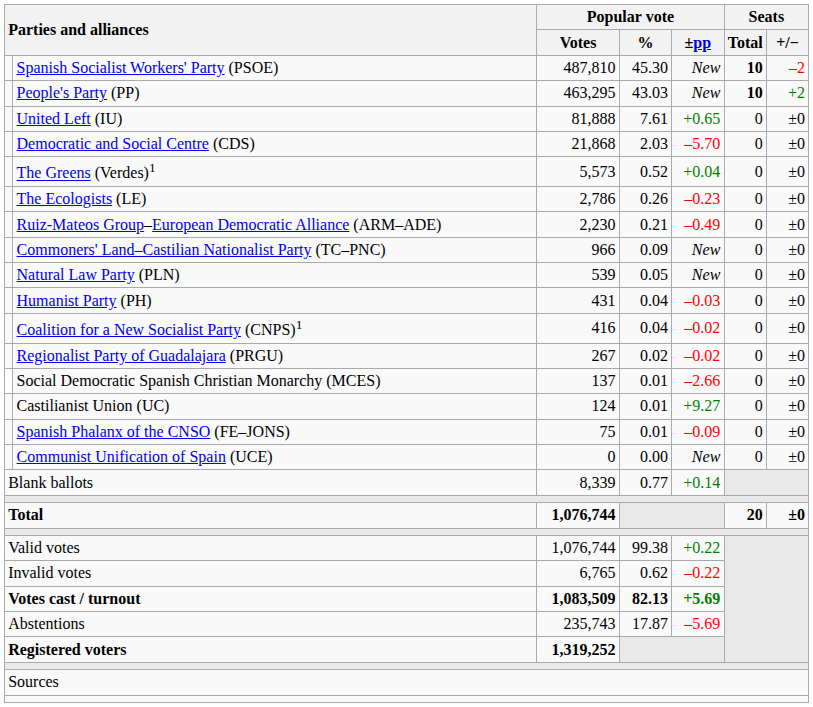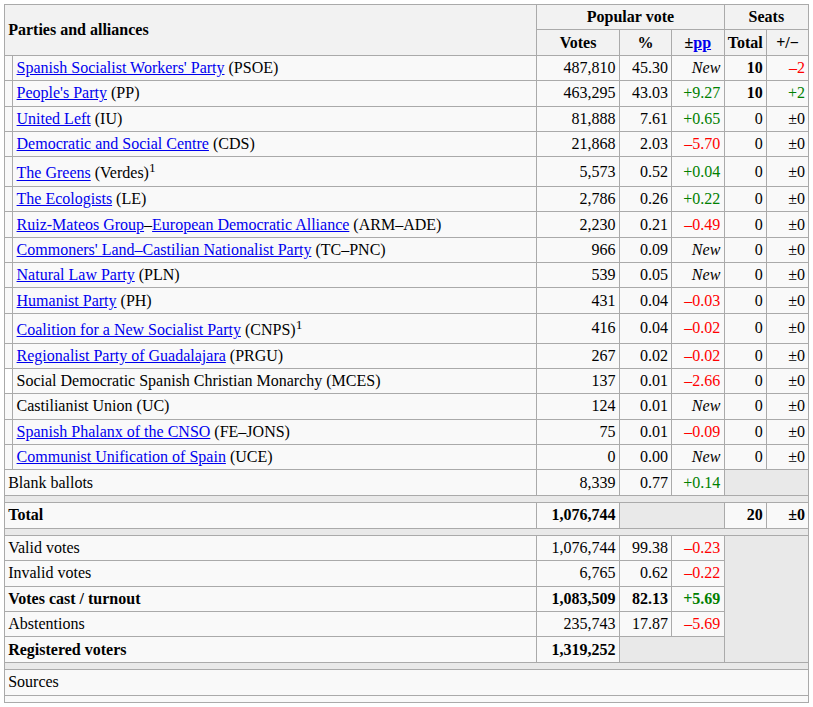 <table class="wikitable" style="text-align:right;">
 <tr>
 <th style="text-align:left;" rowspan="2" colspan="2" width="525">Parties and alliances</th>
 <th colspan="3">Popular vote</th>
 <th colspan="2">Seats</th>
 </tr>
 <tr>
 <th width="75">Votes</th>
 <th width="45">%</th>
 <th width="45">±<a href='#'>pp</a></th>
 <th width="35">Total</th>
 <th width="35">+/−</th>
 </tr>
 <tr>
 <td width="1" style="color:inherit;background:"></td>
 <td align="left"><a href='#'>Spanish Socialist Workers' Party</a> (PSOE)</td>
 <td>487,810</td>
 <td>45.30</td>
 <td><em>New</em></td>
 <td><strong>10</strong></td>
 <td style="color:red;">–2</td>
 </tr>
 <tr>
 <td style="color:inherit;background:"></td>
 <td align="left"><a href='#'>People's Party</a> (PP)</td>
 <td>463,295</td>
 <td>43.03</td>
-<td><em>New</em></td>
+<td style="color:green;">+9.27</td>
 <td><strong>10</strong></td>
 <td style="color:green;">+2</td>
 </tr>
 <tr>
 <td style="color:inherit;background:"></td>
 <td align="left"><a href='#'>United Left</a> (IU)</td>
 <td>81,888</td>
 <td>7.61</td>
 <td style="color:green;">+0.65</td>
 <td>0</td>
 <td>±0</td>
 </tr>
 <tr>
 <td style="color:inherit;background:"></td>
 <td align="left"><a href='#'>Democratic and Social Centre</a> (CDS)</td>
 <td>21,868</td>
 <td>2.03</td>
 <td style="color:red;">–5.70</td>
 <td>0</td>
 <td>±0</td>
 </tr>
 <tr>
 <td style="color:inherit;background:"></td>
 <td align="left"><a href='#'>The Greens</a> (Verdes)<sup>1</sup></td>
 <td>5,573</td>
 <td>0.52</td>
 <td style="color:green;">+0.04</td>
 <td>0</td>
 <td>±0</td>
 </tr>
 <tr>
 <td style="color:inherit;background:"></td>
 <td align="left"><a href='#'>The Ecologists</a> (LE)</td>
 <td>2,786</td>
 <td>0.26</td>
-<td style="color:red;">–0.23</td>
+<td style="color:green;">+0.22</td>
 <td>0</td>
 <td>±0</td>
 </tr>
 <tr>
 <td style="color:inherit;background:"></td>
 <td align="left"><a href='#'>Ruiz-Mateos Group</a>–<a href='#'>European Democratic Alliance</a> (ARM–ADE)</td>
 <td>2,230</td>
 <td>0.21</td>
 <td style="color:red;">–0.49</td>
 <td>0</td>
 <td>±0</td>
 </tr>
 <tr>
 <td style="color:inherit;background:"></td>
 <td align="left"><a href='#'>Commoners' Land–Castilian Nationalist Party</a> (TC–PNC)</td>
 <td>966</td>
 <td>0.09</td>
 <td><em>New</em></td>
 <td>0</td>
 <td>±0</td>
 </tr>
 <tr>
 <td style="color:inherit;background:"></td>
 <td align="left"><a href='#'>Natural Law Party</a> (PLN)</td>
 <td>539</td>
 <td>0.05</td>
 <td><em>New</em></td>
 <td>0</td>
 <td>±0</td>
 </tr>
 <tr>
 <td style="color:inherit;background:"></td>
 <td align="left"><a href='#'>Humanist Party</a> (PH)</td>
 <td>431</td>
 <td>0.04</td>
 <td style="color:red;">–0.03</td>
 <td>0</td>
 <td>±0</td>
 </tr>
 <tr>
 <td style="color:inherit;background:"></td>
 <td align="left"><a href='#'>Coalition for a New Socialist Party</a> (CNPS)<sup>1</sup></td>
 <td>416</td>
 <td>0.04</td>
 <td style="color:red;">–0.02</td>
 <td>0</td>
 <td>±0</td>
 </tr>
 <tr>
 <td style="color:inherit;background:"></td>
 <td align="left"><a href='#'>Regionalist Party of Guadalajara</a> (PRGU)</td>
 <td>267</td>
 <td>0.02</td>
 <td style="color:red;">–0.02</td>
 <td>0</td>
 <td>±0</td>
 </tr>
 <tr>
 <td bgcolor="white"></td>
 <td align="left">Social Democratic Spanish Christian Monarchy (MCES)</td>
 <td>137</td>
 <td>0.01</td>
 <td style="color:red;">–2.66</td>
 <td>0</td>
 <td>±0</td>
 </tr>
 <tr>
 <td style="color:inherit;background:"></td>
 <td align="left">Castilianist Union (UC)</td>
 <td>124</td>
 <td>0.01</td>
-<td style="color:green;">+9.27</td>
+<td><em>New</em></td>
 <td>0</td>
 <td>±0</td>
 </tr>
 <tr>
 <td style="color:inherit;background:"></td>
 <td align="left"><a href='#'>Spanish Phalanx of the CNSO</a> (FE–JONS)</td>
 <td>75</td>
 <td>0.01</td>
 <td style="color:red;">–0.09</td>
 <td>0</td>
 <td>±0</td>
 </tr>
 <tr>
 <td style="color:inherit;background:"></td>
 <td align="left"><a href='#'>Communist Unification of Spain</a> (UCE)</td>
 <td>0</td>
 <td>0.00</td>
 <td><em>New</em></td>
 <td>0</td>
 <td>±0</td>
 </tr>
 <tr>
 <td align="left" colspan="2">Blank ballots</td>
 <td>8,339</td>
 <td>0.77</td>
 <td style="color:green;">+0.14</td>
 <td bgcolor="#E9E9E9" colspan="2"></td>
 </tr>
 <tr>
 <td colspan="7" bgcolor="#E9E9E9"></td>
 </tr>
 <tr style="font-weight:bold;">
 <td align="left" colspan="2">Total</td>
 <td>1,076,744</td>
 <td bgcolor="#E9E9E9" colspan="2"></td>
 <td>20</td>
 <td>±0</td>
 </tr>
 <tr>
 <td colspan="7" bgcolor="#E9E9E9"></td>
 </tr>
 <tr>
 <td align="left" colspan="2">Valid votes</td>
 <td>1,076,744</td>
 <td>99.38</td>
-<td style="color:green;">+0.22</td>
+<td style="color:red;">–0.23</td>
 <td bgcolor="#E9E9E9" colspan="2" rowspan="5"></td>
 </tr>
 <tr>
 <td align="left" colspan="2">Invalid votes</td>
 <td>6,765</td>
 <td>0.62</td>
 <td style="color:red;">–0.22</td>
 </tr>
 <tr style="font-weight:bold;">
 <td align="left" colspan="2">Votes cast / turnout</td>
 <td>1,083,509</td>
 <td>82.13</td>
 <td style="color:green;">+5.69</td>
 </tr>
 <tr>
 <td align="left" colspan="2">Abstentions</td>
 <td>235,743</td>
 <td>17.87</td>
 <td style="color:red;">–5.69</td>
 </tr>
 <tr style="font-weight:bold;">
 <td align="left" colspan="2">Registered voters</td>
 <td>1,319,252</td>
 <td bgcolor="#E9E9E9" colspan="2"></td>
 </tr>
 <tr>
 <td colspan="7" bgcolor="#E9E9E9"></td>
 </tr>
 <tr>
 <td align="left" colspan="7">Sources</td>
 </tr>
 <tr>
 <td colspan="7" style="text-align:left; max-width:790px;"></td>
 </tr>
 </table>
